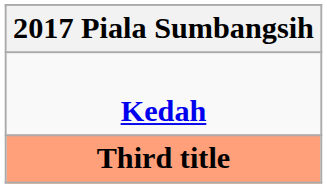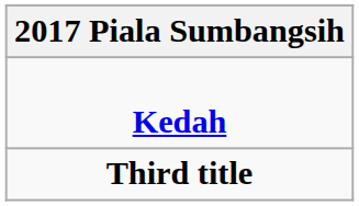 <table class="wikitable" style="text-align: center; margin: 0 auto;">
 <tr>
 <th>2017 Piala Sumbangsih</th>
 </tr>
 <tr>
 <td><br><a href='#'><strong>Kedah</strong></a></td>
 </tr>
 <tr>
-<td style="background: lightsalmon;"><strong>Third title</strong></td>
+<td><strong>Third title</strong></td>
 </tr>
 </table>
